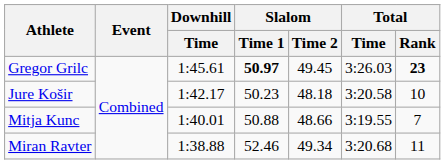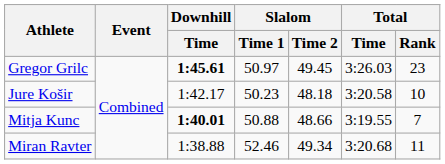 <table class="wikitable" style="font-size:90%">
 <tr>
 <th rowspan="2">Athlete</th>
 <th rowspan="2">Event</th>
 <th>Downhill</th>
 <th colspan="2">Slalom</th>
 <th colspan="2">Total</th>
 </tr>
 <tr>
 <th>Time</th>
 <th>Time 1</th>
 <th>Time 2</th>
 <th>Time</th>
 <th>Rank</th>
 </tr>
 <tr>
 <td><a href='#'>Gregor Grilc</a></td>
 <td rowspan="4"><a href='#'>Combined</a></td>
-<td align="center">1:45.61</td>
-<td align="center"><strong>50.97</strong></td>
+<td align="center"><strong>1:45.61</strong></td>
+<td align="center">50.97</td>
 <td align="center">49.45</td>
 <td align="center">3:26.03</td>
-<td align="center"><strong>23</strong></td>
+<td align="center">23</td>
 </tr>
 <tr>
 <td><a href='#'>Jure Košir</a></td>
 <td align="center">1:42.17</td>
 <td align="center">50.23</td>
 <td align="center">48.18</td>
 <td align="center">3:20.58</td>
 <td align="center">10</td>
 </tr>
 <tr>
 <td><a href='#'>Mitja Kunc</a></td>
-<td align="center">1:40.01</td>
+<td align="center"><strong>1:40.01</strong></td>
 <td align="center">50.88</td>
 <td align="center">48.66</td>
 <td align="center">3:19.55</td>
 <td align="center">7</td>
 </tr>
 <tr>
 <td><a href='#'>Miran Ravter</a></td>
 <td align="center">1:38.88</td>
 <td align="center">52.46</td>
 <td align="center">49.34</td>
 <td align="center">3:20.68</td>
 <td align="center">11</td>
 </tr>
 </table>
